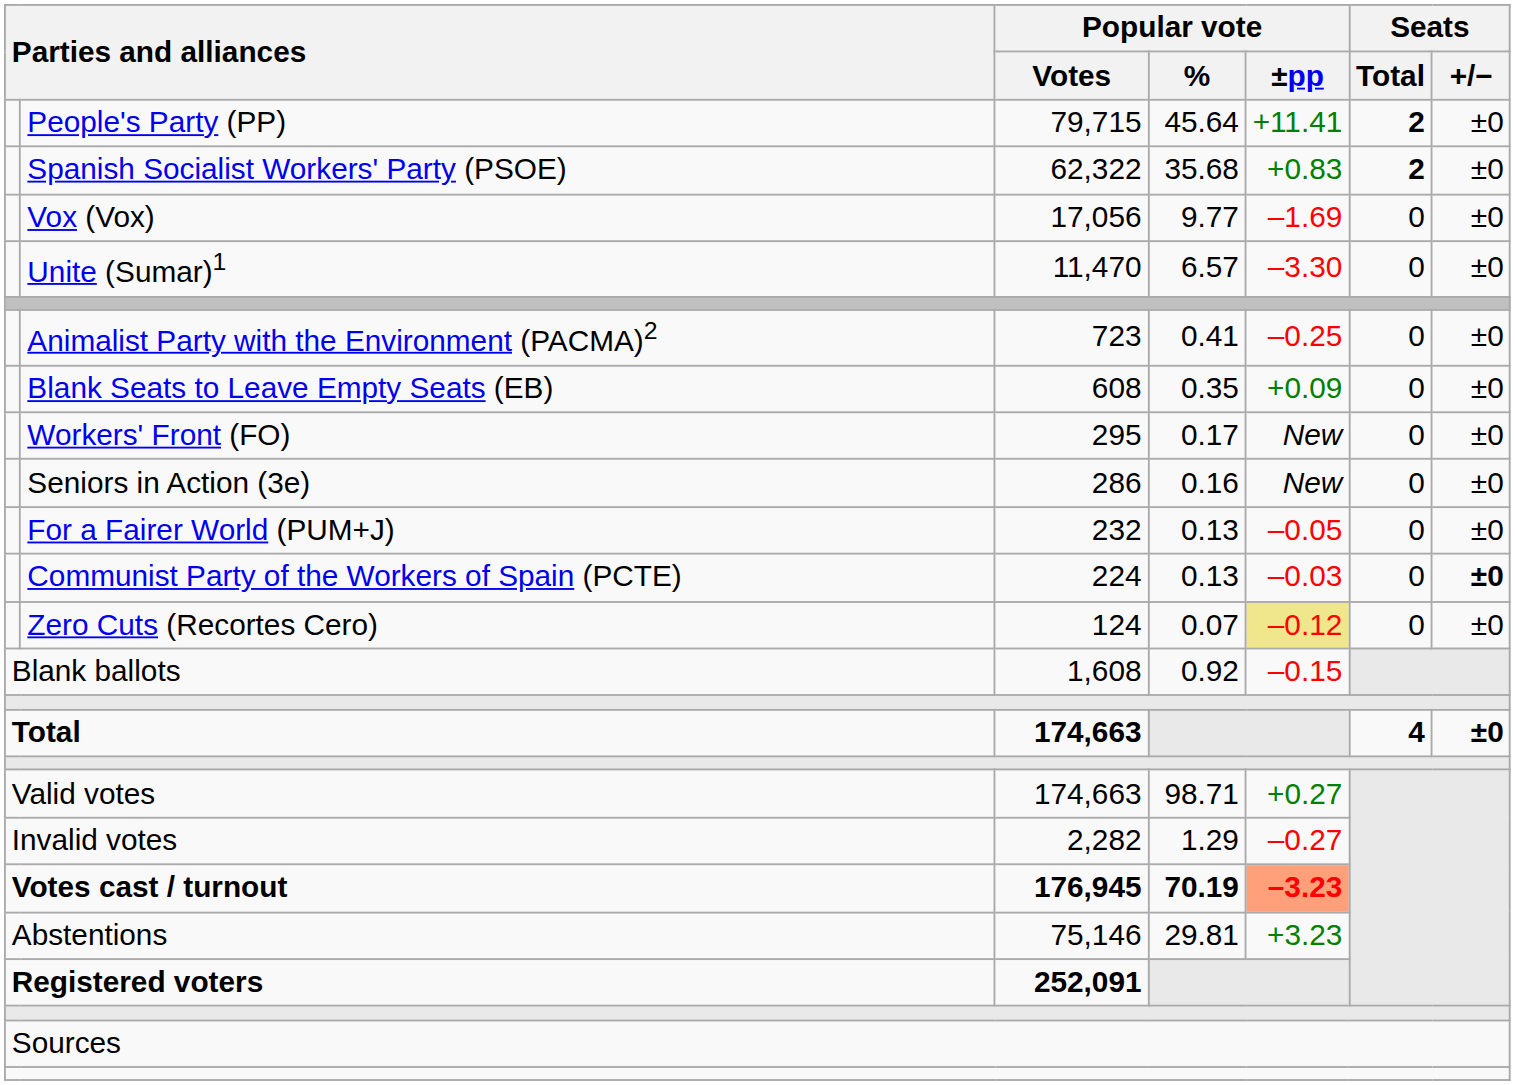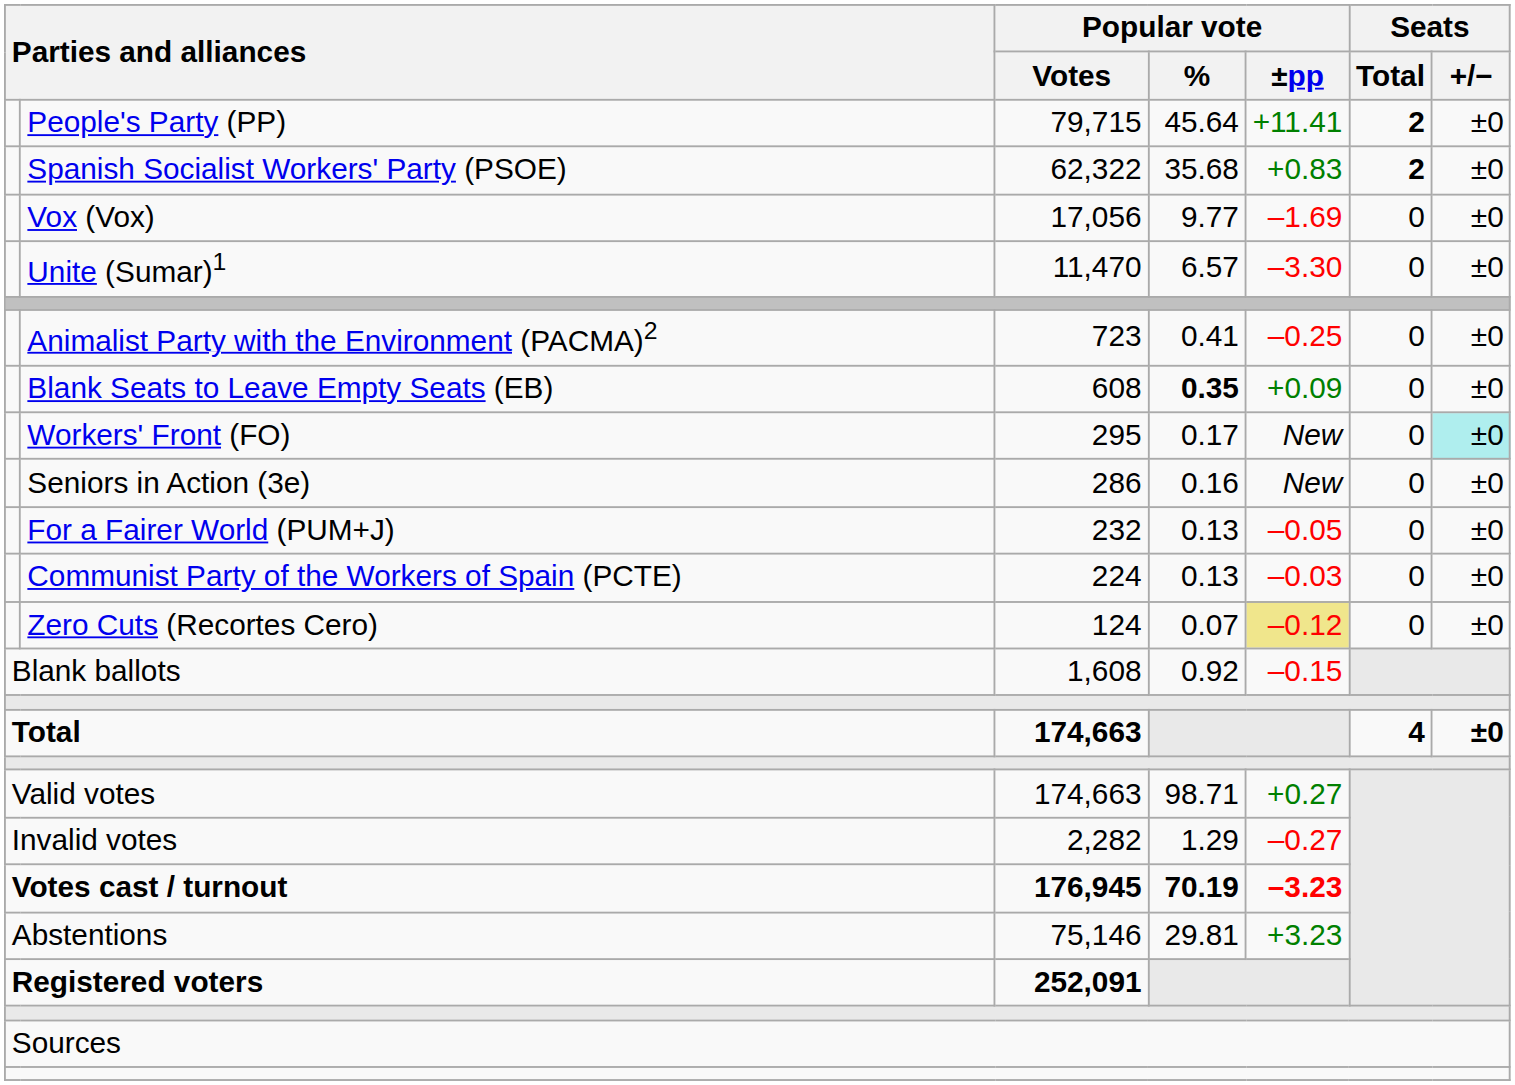 <table class="wikitable" style="text-align:right;">
 <tr>
 <th style="text-align:left;" rowspan="2" colspan="2" width="525">Parties and alliances</th>
 <th colspan="3">Popular vote</th>
 <th colspan="2">Seats</th>
 </tr>
 <tr>
 <th width="75">Votes</th>
 <th width="45">%</th>
 <th width="45">±<a href='#'>pp</a></th>
 <th width="35">Total</th>
 <th width="35">+/−</th>
 </tr>
 <tr>
 <td width="1" style="color:inherit;background:"></td>
 <td align="left"><a href='#'>People's Party</a> (PP)</td>
 <td>79,715</td>
 <td>45.64</td>
 <td style="color:green;">+11.41</td>
 <td><strong>2</strong></td>
 <td>±0</td>
 </tr>
 <tr>
 <td style="color:inherit;background:"></td>
 <td align="left"><a href='#'>Spanish Socialist Workers' Party</a> (PSOE)</td>
 <td>62,322</td>
 <td>35.68</td>
 <td style="color:green;">+0.83</td>
 <td><strong>2</strong></td>
 <td>±0</td>
 </tr>
 <tr>
 <td style="color:inherit;background:"></td>
 <td align="left"><a href='#'>Vox</a> (Vox)</td>
 <td>17,056</td>
 <td>9.77</td>
 <td style="color:red;">–1.69</td>
 <td>0</td>
 <td>±0</td>
 </tr>
 <tr>
 <td style="color:inherit;background:"></td>
 <td align="left"><a href='#'>Unite</a> (Sumar)<sup>1</sup></td>
 <td>11,470</td>
 <td>6.57</td>
 <td style="color:red;">–3.30</td>
 <td>0</td>
 <td>±0</td>
 </tr>
 <tr>
 <td colspan="7" bgcolor="#C0C0C0"></td>
 </tr>
 <tr>
 <td style="color:inherit;background:"></td>
 <td align="left"><a href='#'>Animalist Party with the Environment</a> (PACMA)<sup>2</sup></td>
 <td>723</td>
 <td>0.41</td>
 <td style="color:red;">–0.25</td>
 <td>0</td>
 <td>±0</td>
 </tr>
 <tr>
 <td style="color:inherit;background:"></td>
 <td align="left"><a href='#'>Blank Seats to Leave Empty Seats</a> (EB)</td>
 <td>608</td>
-<td>0.35</td>
+<td><strong>0.35</strong></td>
 <td style="color:green;">+0.09</td>
 <td>0</td>
 <td>±0</td>
 </tr>
 <tr>
 <td style="color:inherit;background:"></td>
 <td align="left"><a href='#'>Workers' Front</a> (FO)</td>
 <td>295</td>
 <td>0.17</td>
 <td><em>New</em></td>
 <td>0</td>
-<td>±0</td>
+<td style="background: paleturquoise;">±0</td>
 </tr>
 <tr>
 <td style="color:inherit;background:"></td>
 <td align="left">Seniors in Action (3e)</td>
 <td>286</td>
 <td>0.16</td>
 <td><em>New</em></td>
 <td>0</td>
 <td>±0</td>
 </tr>
 <tr>
 <td style="color:inherit;background:"></td>
 <td align="left"><a href='#'>For a Fairer World</a> (PUM+J)</td>
 <td>232</td>
 <td>0.13</td>
 <td style="color:red;">–0.05</td>
 <td>0</td>
 <td>±0</td>
 </tr>
 <tr>
 <td style="color:inherit;background:"></td>
 <td align="left"><a href='#'>Communist Party of the Workers of Spain</a> (PCTE)</td>
 <td>224</td>
 <td>0.13</td>
 <td style="color:red;">–0.03</td>
 <td>0</td>
-<td><strong>±0</strong></td>
+<td>±0</td>
 </tr>
 <tr>
 <td style="color:inherit;background:"></td>
 <td align="left"><a href='#'>Zero Cuts</a> (Recortes Cero)</td>
 <td>124</td>
 <td>0.07</td>
 <td style="background: khaki; color:red;">–0.12</td>
 <td>0</td>
 <td>±0</td>
 </tr>
 <tr>
 <td align="left" colspan="2">Blank ballots</td>
 <td>1,608</td>
 <td>0.92</td>
 <td style="color:red;">–0.15</td>
 <td bgcolor="#E9E9E9" colspan="2"></td>
 </tr>
 <tr>
 <td colspan="7" bgcolor="#E9E9E9"></td>
 </tr>
 <tr style="font-weight:bold;">
 <td align="left" colspan="2">Total</td>
 <td>174,663</td>
 <td bgcolor="#E9E9E9" colspan="2"></td>
 <td>4</td>
 <td>±0</td>
 </tr>
 <tr>
 <td colspan="7" bgcolor="#E9E9E9"></td>
 </tr>
 <tr>
 <td align="left" colspan="2">Valid votes</td>
 <td>174,663</td>
 <td>98.71</td>
 <td style="color:green;">+0.27</td>
 <td bgcolor="#E9E9E9" colspan="2" rowspan="5"></td>
 </tr>
 <tr>
 <td align="left" colspan="2">Invalid votes</td>
 <td>2,282</td>
 <td>1.29</td>
 <td style="color:red;">–0.27</td>
 </tr>
 <tr style="font-weight:bold;">
 <td align="left" colspan="2">Votes cast / turnout</td>
 <td>176,945</td>
 <td>70.19</td>
-<td style="background: lightsalmon; color:red;">–3.23</td>
+<td style="color:red;">–3.23</td>
 </tr>
 <tr>
 <td align="left" colspan="2">Abstentions</td>
 <td>75,146</td>
 <td>29.81</td>
 <td style="color:green;">+3.23</td>
 </tr>
 <tr style="font-weight:bold;">
 <td align="left" colspan="2">Registered voters</td>
 <td>252,091</td>
 <td bgcolor="#E9E9E9" colspan="2"></td>
 </tr>
 <tr>
 <td colspan="7" bgcolor="#E9E9E9"></td>
 </tr>
 <tr>
 <td align="left" colspan="7">Sources</td>
 </tr>
 <tr>
 <td colspan="7" style="text-align:left; max-width:790px;"></td>
 </tr>
 </table>
